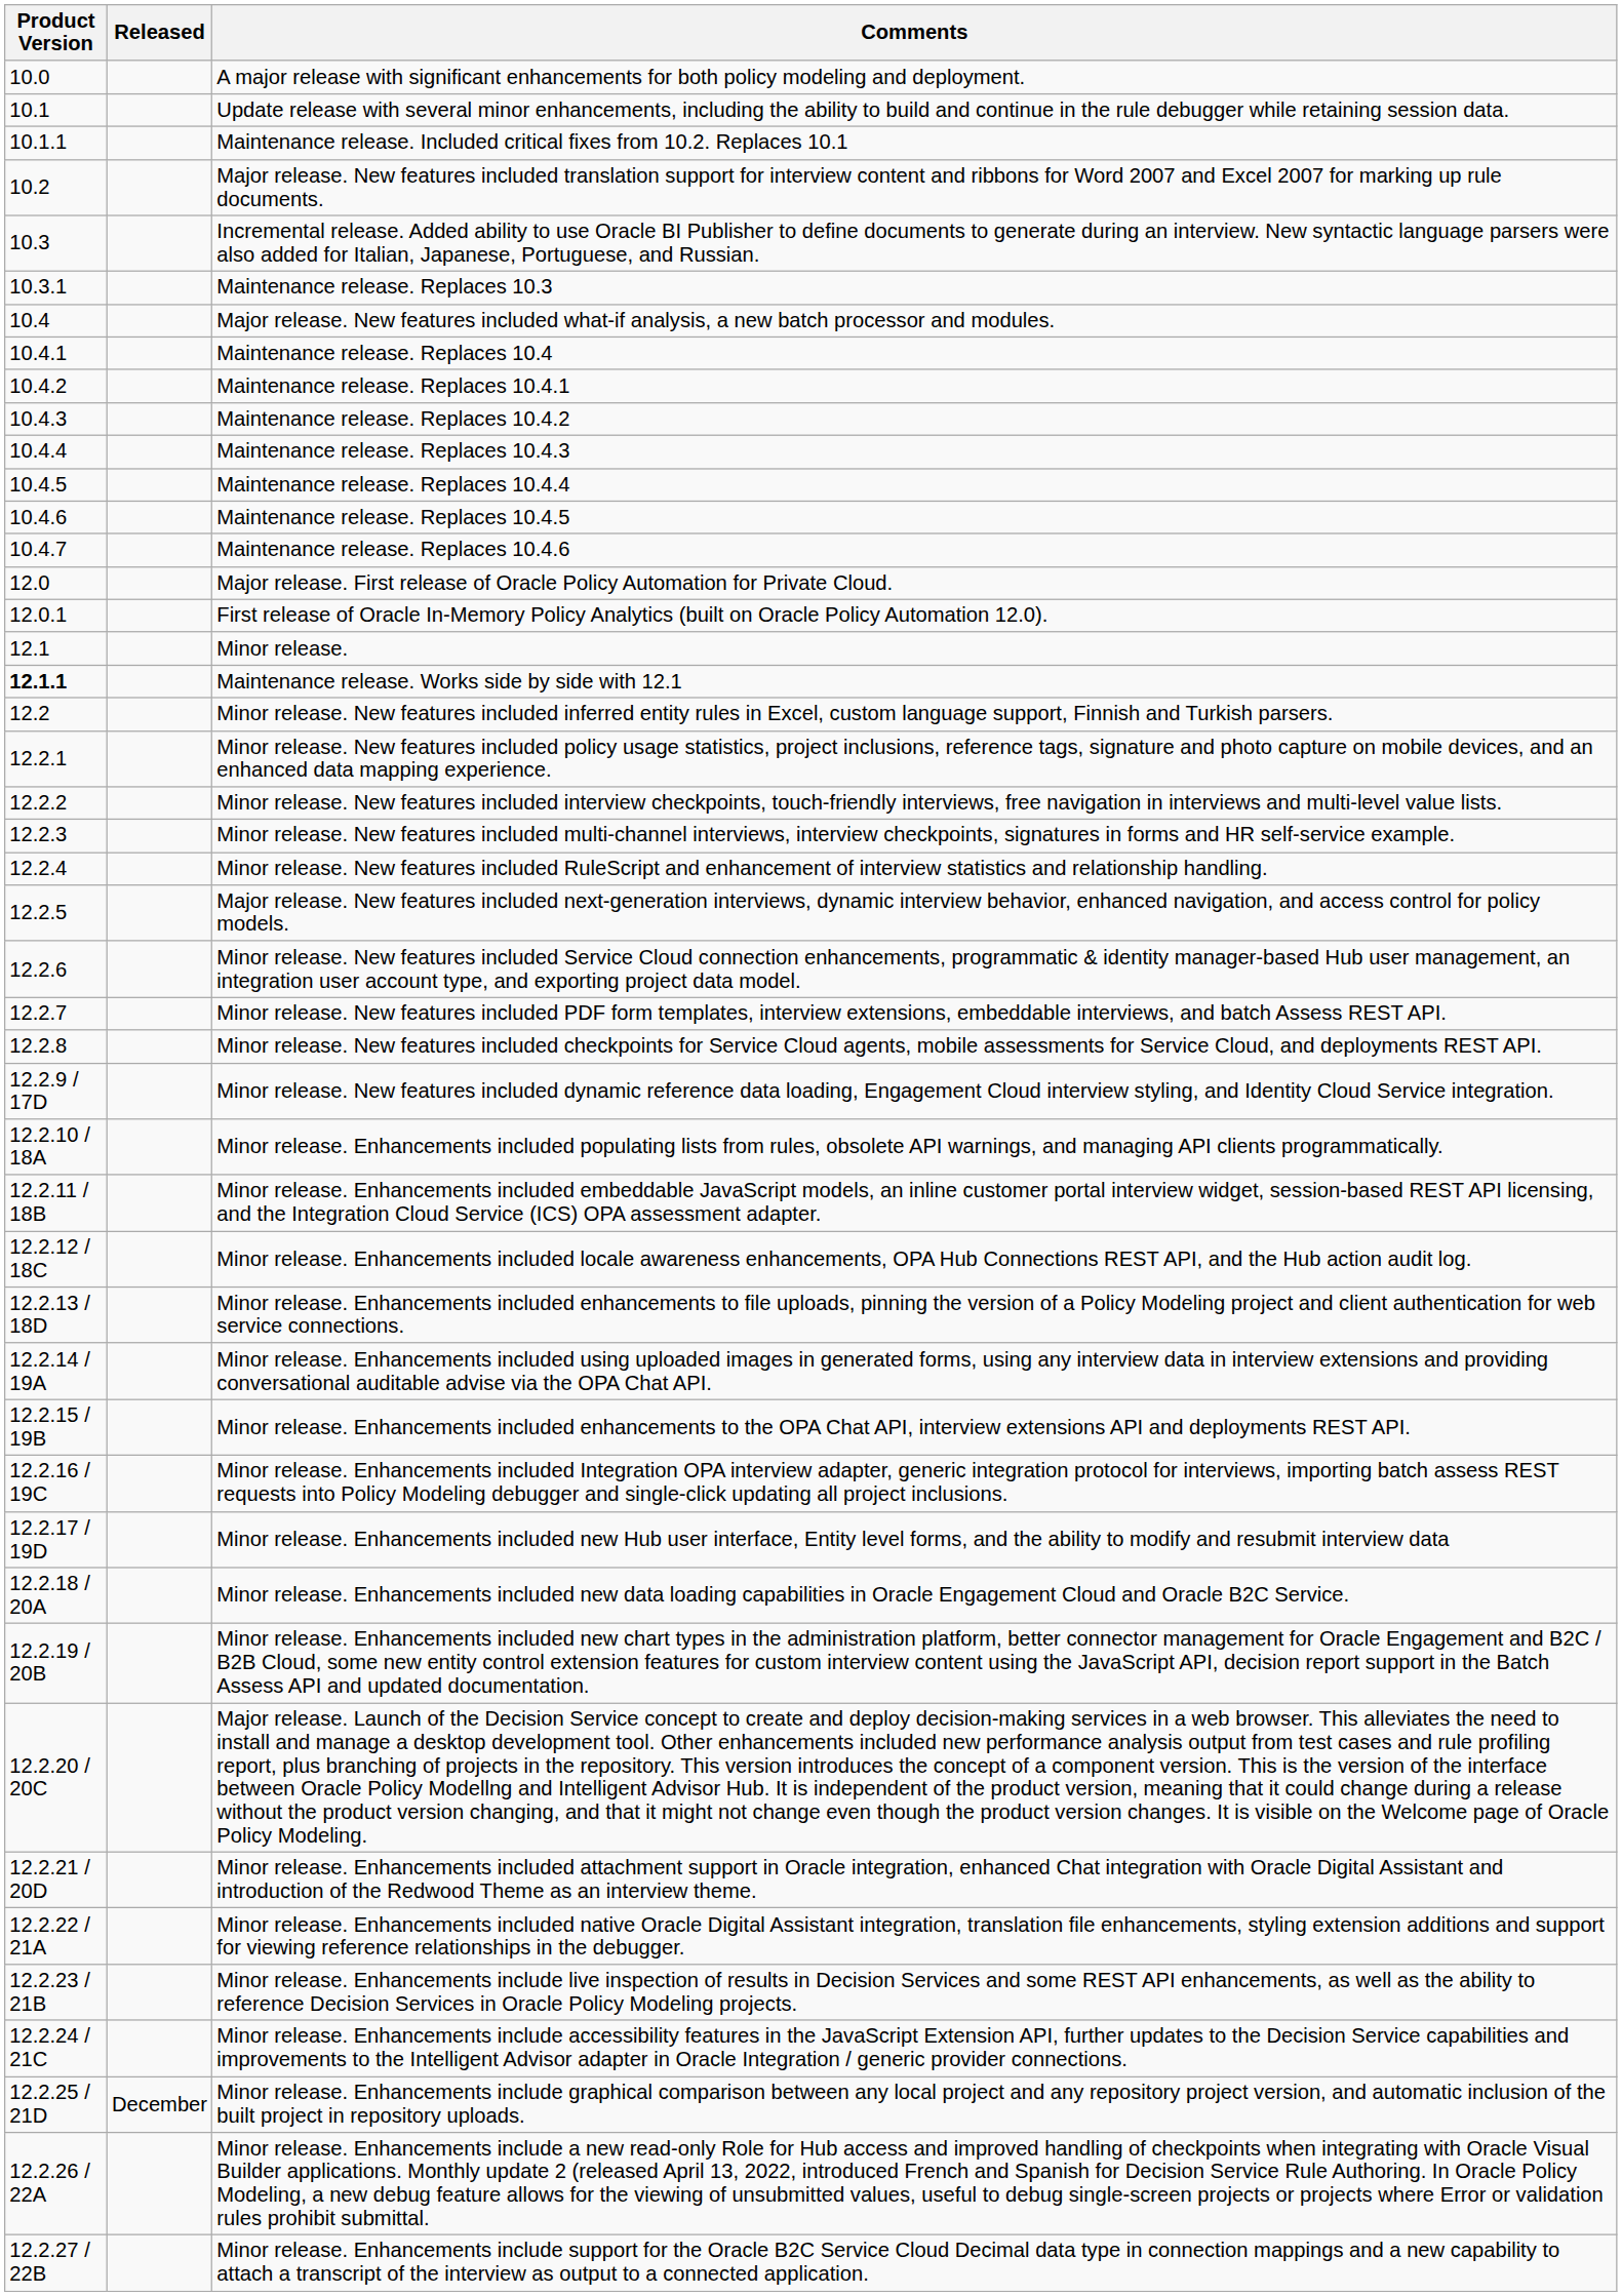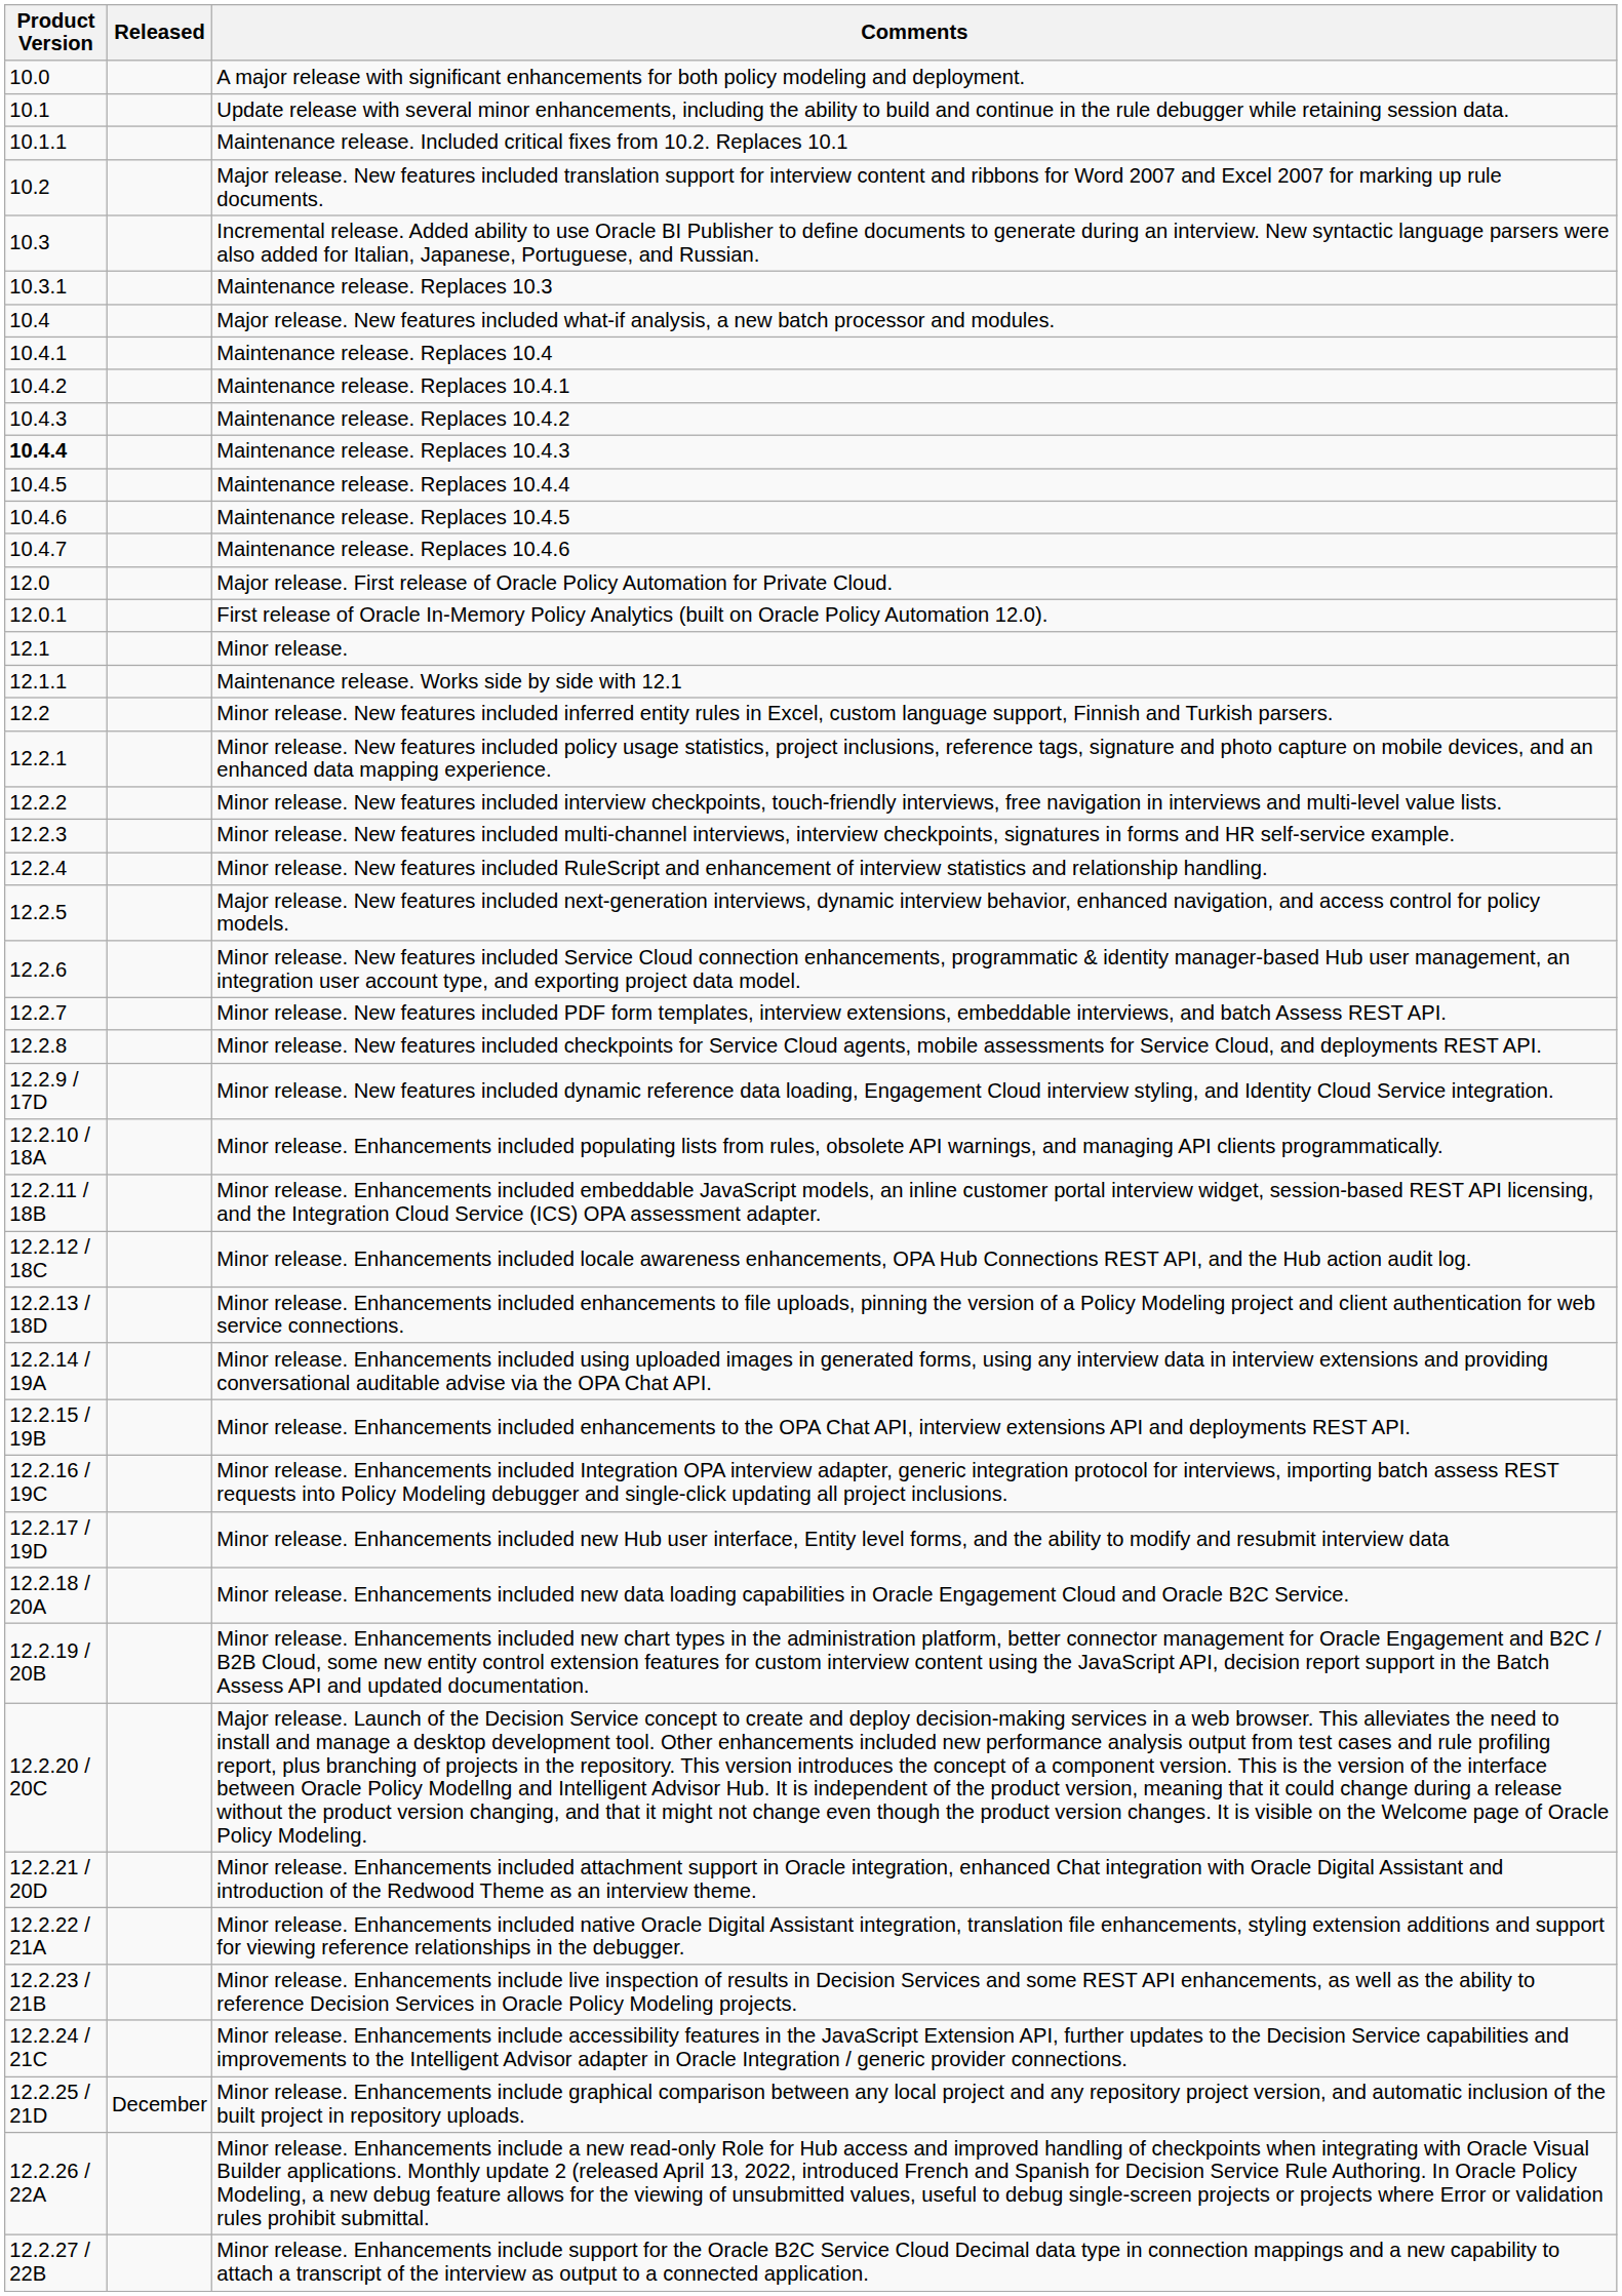 <table class="wikitable">
 <tr>
 <th>Product Version</th>
 <th>Released</th>
 <th>Comments</th>
 </tr>
 <tr>
 <td>10.0</td>
 <td></td>
 <td>A major release with significant enhancements for both policy modeling and deployment.</td>
 </tr>
 <tr>
 <td>10.1</td>
 <td></td>
 <td>Update release with several minor enhancements, including the ability to build and continue in the rule debugger while retaining session data.</td>
 </tr>
 <tr>
 <td>10.1.1</td>
 <td></td>
 <td>Maintenance release. Included critical fixes from 10.2.  Replaces 10.1</td>
 </tr>
 <tr>
 <td>10.2</td>
 <td></td>
 <td>Major release. New features included translation support for interview content and ribbons for Word 2007 and Excel 2007 for marking up rule documents.</td>
 </tr>
 <tr>
 <td>10.3</td>
 <td></td>
 <td>Incremental release. Added ability to use Oracle BI Publisher to define documents to generate during an interview. New syntactic language parsers were also added for Italian, Japanese, Portuguese, and Russian.</td>
 </tr>
 <tr>
 <td>10.3.1</td>
 <td></td>
 <td>Maintenance release.  Replaces 10.3</td>
 </tr>
 <tr>
 <td>10.4</td>
 <td></td>
 <td>Major release. New features included what-if analysis, a new batch processor and modules.</td>
 </tr>
 <tr>
 <td>10.4.1</td>
 <td></td>
 <td>Maintenance release.  Replaces 10.4</td>
 </tr>
 <tr>
 <td>10.4.2</td>
 <td></td>
 <td>Maintenance release.  Replaces 10.4.1</td>
 </tr>
 <tr>
 <td>10.4.3</td>
 <td></td>
 <td>Maintenance release.  Replaces 10.4.2</td>
 </tr>
 <tr>
-<td>10.4.4</td>
+<td><strong>10.4.4</strong></td>
 <td></td>
 <td>Maintenance release.  Replaces 10.4.3</td>
 </tr>
 <tr>
 <td>10.4.5</td>
 <td></td>
 <td>Maintenance release.  Replaces 10.4.4</td>
 </tr>
 <tr>
 <td>10.4.6</td>
 <td></td>
 <td>Maintenance release.  Replaces 10.4.5</td>
 </tr>
 <tr>
 <td>10.4.7</td>
 <td></td>
 <td>Maintenance release.  Replaces 10.4.6</td>
 </tr>
 <tr>
 <td>12.0</td>
 <td></td>
 <td>Major release. First release of Oracle Policy Automation for Private Cloud.</td>
 </tr>
 <tr>
 <td>12.0.1</td>
 <td></td>
 <td>First release of Oracle In-Memory Policy Analytics (built on Oracle Policy Automation 12.0).</td>
 </tr>
 <tr>
 <td>12.1</td>
 <td></td>
 <td>Minor release.</td>
 </tr>
 <tr>
-<td><strong>12.1.1</strong></td>
+<td>12.1.1</td>
 <td></td>
 <td>Maintenance release. Works side by side with 12.1</td>
 </tr>
 <tr>
 <td>12.2</td>
 <td></td>
 <td>Minor release. New features included inferred entity rules in Excel, custom language support, Finnish and Turkish parsers.</td>
 </tr>
 <tr>
 <td>12.2.1</td>
 <td></td>
 <td>Minor release. New features included policy usage statistics, project inclusions, reference tags, signature and photo capture on mobile devices, and an enhanced data mapping experience.</td>
 </tr>
 <tr>
 <td>12.2.2</td>
 <td></td>
 <td>Minor release. New features included interview checkpoints, touch-friendly interviews, free navigation in interviews and multi-level value lists.</td>
 </tr>
 <tr>
 <td>12.2.3</td>
 <td></td>
 <td>Minor release. New features included multi-channel interviews, interview checkpoints, signatures in forms and HR self-service example.</td>
 </tr>
 <tr>
 <td>12.2.4</td>
 <td></td>
 <td>Minor release. New features included RuleScript and enhancement of interview statistics and relationship handling.</td>
 </tr>
 <tr>
 <td>12.2.5</td>
 <td></td>
 <td>Major release. New features included next-generation interviews, dynamic interview behavior, enhanced navigation, and access control for policy models.</td>
 </tr>
 <tr>
 <td>12.2.6</td>
 <td></td>
 <td>Minor release. New features included Service Cloud connection enhancements, programmatic & identity manager-based Hub user management, an integration user account type, and exporting project data model.</td>
 </tr>
 <tr>
 <td>12.2.7</td>
 <td></td>
 <td>Minor release. New features included PDF form templates, interview extensions, embeddable interviews, and batch Assess REST API.</td>
 </tr>
 <tr>
 <td>12.2.8</td>
 <td></td>
 <td>Minor release. New features included checkpoints for Service Cloud agents, mobile assessments for Service Cloud, and deployments REST API.</td>
 </tr>
 <tr>
 <td>12.2.9 / 17D</td>
 <td></td>
 <td>Minor release. New features included dynamic reference data loading, Engagement Cloud interview styling, and Identity Cloud Service integration.</td>
 </tr>
 <tr>
 <td>12.2.10 / 18A</td>
 <td></td>
 <td>Minor release. Enhancements included populating lists from rules, obsolete API warnings, and managing API clients programmatically.</td>
 </tr>
 <tr>
 <td>12.2.11 / 18B</td>
 <td></td>
 <td>Minor release. Enhancements included embeddable JavaScript models, an inline customer portal interview widget, session-based REST API licensing, and the Integration Cloud Service (ICS) OPA assessment adapter.</td>
 </tr>
 <tr>
 <td>12.2.12 / 18C</td>
 <td></td>
 <td>Minor release. Enhancements included locale awareness enhancements, OPA Hub Connections REST API, and the Hub action audit log.</td>
 </tr>
 <tr>
 <td>12.2.13 / 18D</td>
 <td></td>
 <td>Minor release. Enhancements included enhancements to file uploads, pinning the version of a Policy Modeling project and client authentication for web service connections.</td>
 </tr>
 <tr>
 <td>12.2.14 / 19A</td>
 <td></td>
 <td>Minor release. Enhancements included using uploaded images in generated forms, using any interview data in interview extensions and providing conversational auditable advise via the OPA Chat API.</td>
 </tr>
 <tr>
 <td>12.2.15 / 19B</td>
 <td></td>
 <td>Minor release. Enhancements included enhancements to the OPA Chat API, interview extensions API and deployments REST API.</td>
 </tr>
 <tr>
 <td>12.2.16 / 19C</td>
 <td></td>
 <td>Minor release. Enhancements included Integration OPA interview adapter, generic integration protocol for interviews, importing batch assess REST requests into Policy Modeling debugger and single-click updating all project inclusions.</td>
 </tr>
 <tr>
 <td>12.2.17 / 19D</td>
 <td></td>
 <td>Minor release. Enhancements included new Hub user interface, Entity level forms, and the ability to modify and resubmit interview data</td>
 </tr>
 <tr>
 <td>12.2.18 / 20A</td>
 <td></td>
 <td>Minor release. Enhancements included new data loading capabilities in Oracle Engagement Cloud and Oracle B2C Service.</td>
 </tr>
 <tr>
 <td>12.2.19 / 20B</td>
 <td></td>
 <td>Minor release. Enhancements included new chart types in the administration platform, better connector management for Oracle Engagement and B2C / B2B Cloud, some new entity control extension features for custom interview content using the JavaScript API, decision report support in the Batch Assess API and updated documentation.</td>
 </tr>
 <tr>
 <td>12.2.20 / 20C</td>
 <td></td>
 <td>Major release. Launch of the Decision Service concept to create and deploy decision-making services in a web browser. This alleviates the need to install and manage a desktop development tool. Other enhancements included new performance analysis output from test cases and rule profiling report, plus branching of projects in the repository. This version introduces the concept of a component version. This is the version of the interface between Oracle Policy Modellng and Intelligent Advisor Hub. It is independent of the product version, meaning that it could change during a release without the product version changing, and that it might not change even though the product version changes. It is visible on the Welcome page of Oracle Policy Modeling.</td>
 </tr>
 <tr>
 <td>12.2.21 / 20D</td>
 <td></td>
 <td>Minor release. Enhancements included attachment support in Oracle integration, enhanced Chat integration with Oracle Digital Assistant and introduction of the Redwood Theme as an interview theme.</td>
 </tr>
 <tr>
 <td>12.2.22 / 21A</td>
 <td></td>
 <td>Minor release. Enhancements included native Oracle Digital Assistant integration, translation file enhancements, styling extension additions and support for viewing reference relationships in the debugger.</td>
 </tr>
 <tr>
 <td>12.2.23 / 21B</td>
 <td></td>
 <td>Minor release. Enhancements include live inspection of results in Decision Services and some REST API enhancements, as well as the ability to reference Decision Services in Oracle Policy Modeling projects.</td>
 </tr>
 <tr>
 <td>12.2.24 / 21C</td>
 <td></td>
 <td>Minor release. Enhancements include accessibility features in the JavaScript Extension API, further updates to the Decision Service capabilities and improvements to the Intelligent Advisor adapter in Oracle Integration / generic provider connections.</td>
 </tr>
 <tr>
 <td>12.2.25 / 21D</td>
 <td>December </td>
 <td>Minor release. Enhancements include graphical comparison between any local project and any repository project version, and automatic inclusion of the built project in repository uploads.</td>
 </tr>
 <tr>
 <td>12.2.26 / 22A</td>
 <td></td>
 <td>Minor release. Enhancements include a new read-only Role for Hub access and improved handling of checkpoints when integrating with Oracle Visual Builder applications. Monthly update 2 (released April 13, 2022, introduced French and Spanish for Decision Service Rule Authoring. In Oracle Policy Modeling, a new debug feature allows for the viewing of unsubmitted values, useful to debug single-screen projects or projects where Error or validation rules prohibit submittal.</td>
 </tr>
 <tr>
 <td>12.2.27 / 22B</td>
 <td></td>
 <td>Minor release. Enhancements include support for the Oracle B2C Service Cloud Decimal data type in connection mappings and a new capability to attach a transcript of the interview as output to a connected application.</td>
 </tr>
 </table>
